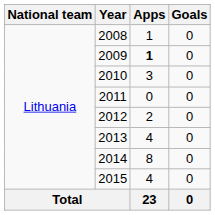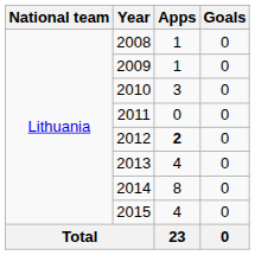 <table class="wikitable" style="text-align:center">
 <tr>
 <th>National team</th>
 <th>Year</th>
 <th>Apps</th>
 <th>Goals</th>
 </tr>
 <tr>
 <td rowspan="8"><a href='#'>Lithuania</a></td>
 <td>2008</td>
 <td>1</td>
 <td>0</td>
 </tr>
 <tr>
 <td>2009</td>
-<td><strong>1</strong></td>
+<td>1</td>
 <td>0</td>
 </tr>
 <tr>
 <td>2010</td>
 <td>3</td>
 <td>0</td>
 </tr>
 <tr>
 <td>2011</td>
 <td>0</td>
 <td>0</td>
 </tr>
 <tr>
 <td>2012</td>
-<td>2</td>
+<td><strong>2</strong></td>
 <td>0</td>
 </tr>
 <tr>
 <td>2013</td>
 <td>4</td>
 <td>0</td>
 </tr>
 <tr>
 <td>2014</td>
 <td>8</td>
 <td>0</td>
 </tr>
 <tr>
 <td>2015</td>
 <td>4</td>
 <td>0</td>
 </tr>
 <tr>
 <th colspan="2">Total</th>
 <th>23</th>
 <th>0</th>
 </tr>
 </table>
